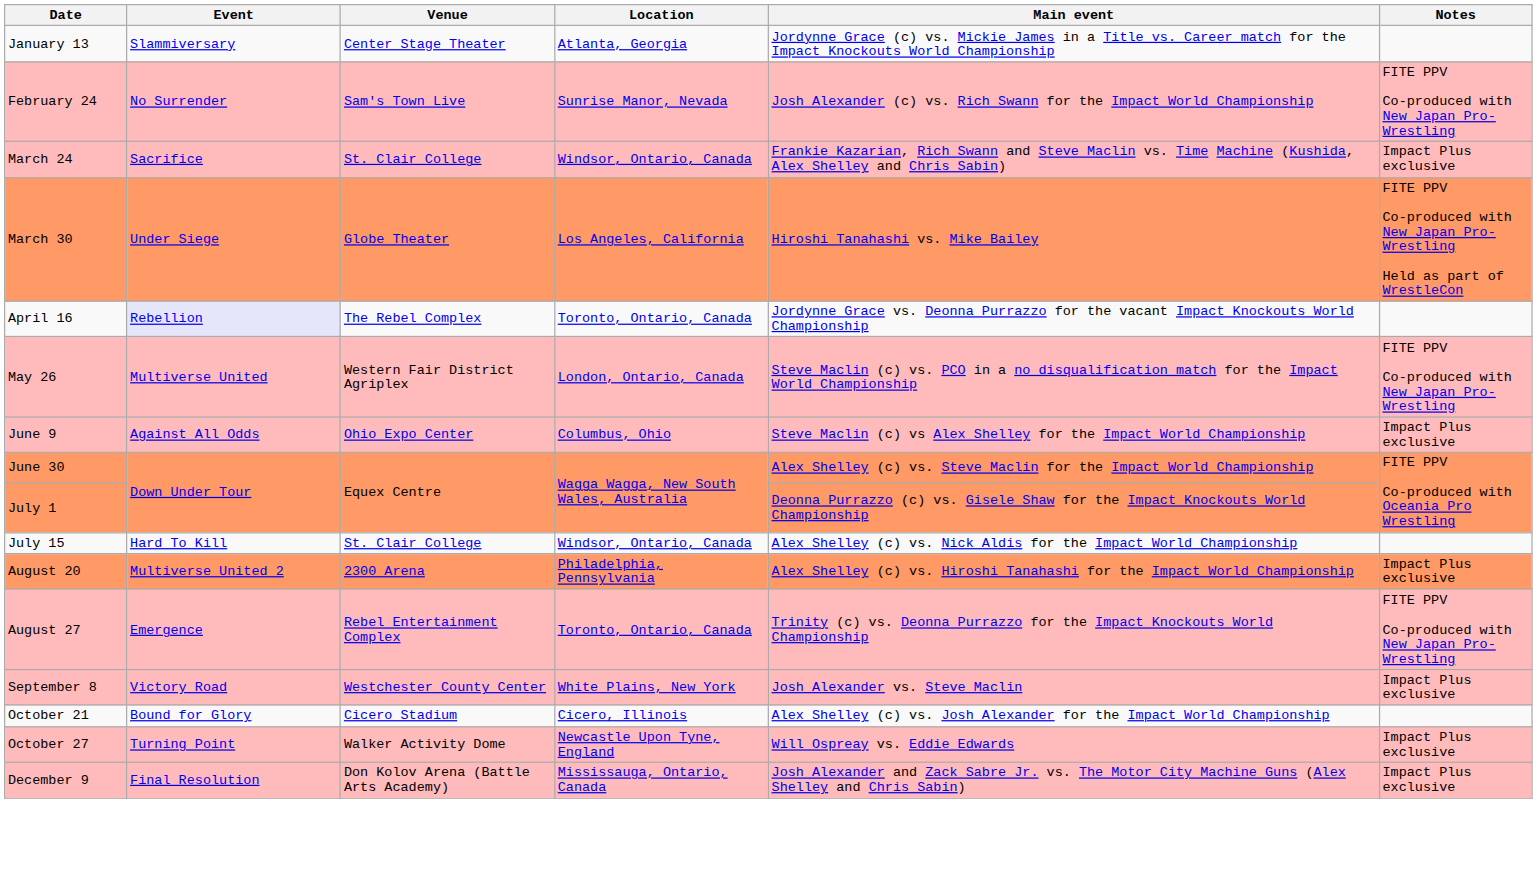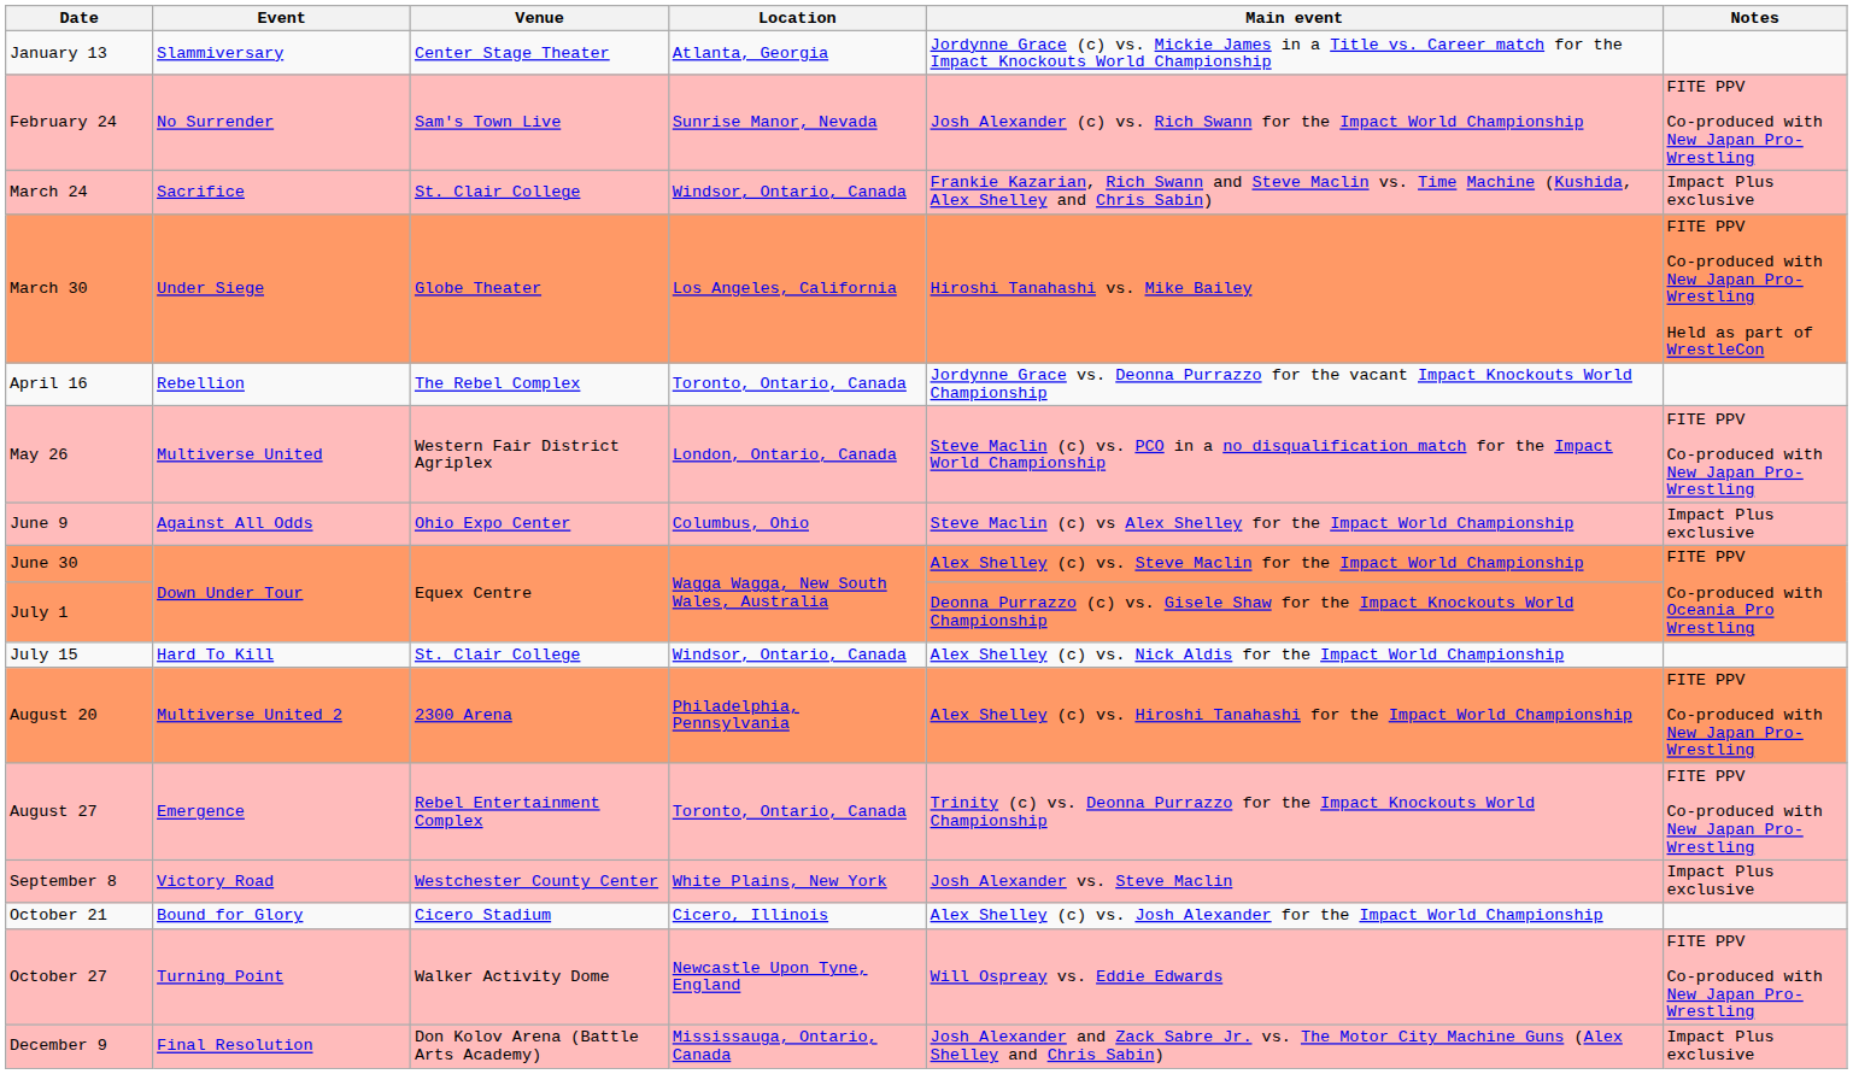 <table class="sortable wikitable succession-box" style="font-size:85%;">
 <tr>
 <th width=8%>Date</th>
 <th width=14%>Event</th>
 <th width=14%>Venue</th>
 <th width=14%>Location</th>
 <th width=40%>Main event</th>
 <th width=14%>Notes</th>
 </tr>
 <tr>
 <td>January 13</td>
 <td><a href='#'>Slammiversary</a></td>
 <td><a href='#'>Center Stage Theater</a></td>
 <td><a href='#'>Atlanta, Georgia</a></td>
 <td><a href='#'>Jordynne Grace</a> (c) vs. <a href='#'>Mickie James</a> in a <a href='#'>Title vs. Career match</a> for the <a href='#'>Impact Knockouts World Championship</a></td>
 <td></td>
 </tr>
 <tr style="background: #FBB">
 <td>February 24</td>
 <td><a href='#'>No Surrender</a></td>
 <td><a href='#'>Sam's Town Live</a></td>
 <td><a href='#'>Sunrise Manor, Nevada</a></td>
 <td><a href='#'>Josh Alexander</a> (c) vs. <a href='#'>Rich Swann</a> for the <a href='#'>Impact World Championship</a></td>
 <td>FITE PPV<br><br>Co-produced with <a href='#'>New Japan Pro-Wrestling</a></td>
 </tr>
 <tr style="background: #FBB">
 <td>March 24</td>
 <td><a href='#'>Sacrifice</a></td>
 <td><a href='#'>St. Clair College</a></td>
 <td><a href='#'>Windsor, Ontario, Canada</a></td>
 <td><a href='#'>Frankie Kazarian</a>, <a href='#'>Rich Swann</a> and <a href='#'>Steve Maclin</a> vs. <a href='#'>Time</a> <a href='#'>Machine</a> (<a href='#'>Kushida</a>, <a href='#'>Alex Shelley</a> and <a href='#'>Chris Sabin</a>)</td>
 <td>Impact Plus exclusive</td>
 </tr>
 <tr style="background: #FF9966">
 <td>March 30</td>
 <td><a href='#'>Under Siege</a></td>
 <td><a href='#'>Globe Theater</a></td>
 <td><a href='#'>Los Angeles, California</a></td>
 <td><a href='#'>Hiroshi Tanahashi</a> vs. <a href='#'>Mike Bailey</a></td>
 <td>FITE PPV<br><br>Co-produced with <a href='#'>New Japan Pro-Wrestling</a><br><br>Held as part of <a href='#'>WrestleCon</a></td>
 </tr>
 <tr>
 <td>April 16</td>
-<td style="background: lavender;"><a href='#'>Rebellion</a></td>
+<td><a href='#'>Rebellion</a></td>
 <td><a href='#'>The Rebel Complex</a></td>
 <td><a href='#'>Toronto, Ontario, Canada</a></td>
 <td><a href='#'>Jordynne Grace</a> vs. <a href='#'>Deonna Purrazzo</a> for the vacant <a href='#'>Impact Knockouts World Championship</a></td>
 <td></td>
 </tr>
 <tr style="background: #FBB">
 <td>May 26</td>
 <td><a href='#'>Multiverse United</a></td>
 <td>Western Fair District Agriplex</td>
 <td><a href='#'>London, Ontario, Canada</a></td>
 <td><a href='#'>Steve Maclin</a> (c) vs. <a href='#'>PCO</a> in a <a href='#'>no disqualification match</a> for the <a href='#'>Impact World Championship</a></td>
 <td>FITE PPV<br><br>Co-produced with <a href='#'>New Japan Pro-Wrestling</a></td>
 </tr>
 <tr style="background: #FBB">
 <td>June 9</td>
 <td><a href='#'>Against All Odds</a></td>
 <td><a href='#'>Ohio Expo Center</a></td>
 <td><a href='#'>Columbus, Ohio</a></td>
 <td><a href='#'>Steve Maclin</a> (c) vs <a href='#'>Alex Shelley</a> for the <a href='#'>Impact World Championship</a></td>
 <td>Impact Plus exclusive</td>
 </tr>
 <tr style="background: #FF9966">
 <td>June 30</td>
 <td rowspan="2"><a href='#'>Down Under Tour</a></td>
 <td rowspan="2">Equex Centre</td>
 <td rowspan="2"><a href='#'>Wagga Wagga, New South Wales, Australia</a></td>
 <td><a href='#'>Alex Shelley</a> (c) vs. <a href='#'>Steve Maclin</a> for the <a href='#'>Impact World Championship</a></td>
 <td rowspan="2">FITE PPV<br><br>Co-produced with <a href='#'>Oceania Pro Wrestling</a></td>
 </tr>
 <tr style="background:#FF9966">
 <td>July 1</td>
 <td><a href='#'>Deonna Purrazzo</a> (c) vs. <a href='#'>Gisele Shaw</a> for the <a href='#'>Impact Knockouts World Championship</a></td>
 </tr>
 <tr>
 <td>July 15</td>
 <td><a href='#'>Hard To Kill</a></td>
 <td><a href='#'>St. Clair College</a></td>
 <td><a href='#'>Windsor, Ontario, Canada</a></td>
 <td><a href='#'>Alex Shelley</a> (c) vs. <a href='#'>Nick Aldis</a> for the <a href='#'>Impact World Championship</a></td>
 <td></td>
 </tr>
 <tr style="background: #FF9966">
 <td>August 20</td>
 <td><a href='#'>Multiverse United 2</a></td>
 <td><a href='#'>2300 Arena</a></td>
 <td><a href='#'>Philadelphia, Pennsylvania</a></td>
 <td><a href='#'>Alex Shelley</a> (c) vs. <a href='#'>Hiroshi Tanahashi</a> for the <a href='#'>Impact World Championship</a></td>
-<td>Impact Plus exclusive</td>
+<td>FITE PPV<br><br>Co-produced with <a href='#'>New Japan Pro-Wrestling</a></td>
 </tr>
 <tr style="background: #FBB">
 <td>August 27</td>
 <td><a href='#'>Emergence</a></td>
 <td><a href='#'>Rebel Entertainment Complex</a></td>
 <td><a href='#'>Toronto, Ontario, Canada</a></td>
 <td><a href='#'>Trinity</a> (c) vs. <a href='#'>Deonna Purrazzo</a> for the <a href='#'>Impact Knockouts World Championship</a></td>
 <td>FITE PPV<br><br>Co-produced with <a href='#'>New Japan Pro-Wrestling</a></td>
 </tr>
 <tr style="background: #FBB">
 <td>September 8</td>
 <td><a href='#'>Victory Road</a></td>
 <td><a href='#'>Westchester County Center</a></td>
 <td><a href='#'>White Plains, New York</a></td>
 <td><a href='#'>Josh Alexander</a> vs. <a href='#'>Steve Maclin</a></td>
 <td>Impact Plus exclusive</td>
 </tr>
 <tr>
 <td>October 21</td>
 <td><a href='#'>Bound for Glory</a></td>
 <td><a href='#'>Cicero Stadium</a></td>
 <td><a href='#'>Cicero, Illinois</a></td>
 <td><a href='#'>Alex Shelley</a> (c) vs. <a href='#'>Josh Alexander</a> for the <a href='#'>Impact World Championship</a></td>
 <td></td>
 </tr>
 <tr style="background: #FBB">
 <td>October 27<br></td>
 <td><a href='#'>Turning Point</a></td>
 <td>Walker Activity Dome</td>
 <td><a href='#'>Newcastle Upon Tyne, England</a></td>
 <td><a href='#'>Will Ospreay</a> vs. <a href='#'>Eddie Edwards</a></td>
-<td>Impact Plus exclusive</td>
+<td>FITE PPV<br><br>Co-produced with <a href='#'>New Japan Pro-Wrestling</a></td>
 </tr>
 <tr style="background: #FBB">
 <td>December 9</td>
 <td><a href='#'>Final Resolution</a></td>
 <td>Don Kolov Arena (Battle Arts Academy)</td>
 <td><a href='#'>Mississauga, Ontario, Canada</a></td>
 <td><a href='#'>Josh Alexander</a> and <a href='#'>Zack Sabre Jr.</a> vs. <a href='#'>The Motor City Machine Guns</a> (<a href='#'>Alex Shelley</a> and <a href='#'>Chris Sabin</a>)</td>
 <td>Impact Plus exclusive</td>
 </tr>
 </table>
